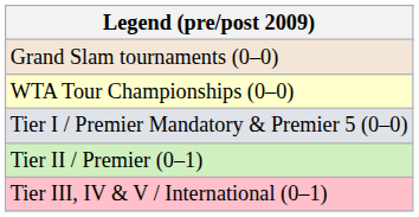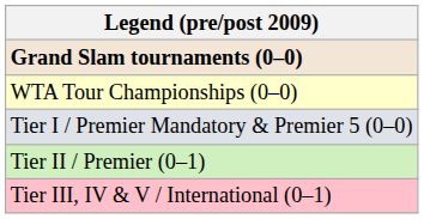 <table class="wikitable sortable mw-collapsible mw-collapsed">
 <tr>
 <th>Legend (pre/post 2009)</th>
 </tr>
 <tr>
-<td bgcolor=#f3e6d7>Grand Slam tournaments (0–0)</td>
+<td bgcolor=#f3e6d7><strong>Grand Slam tournaments (0–0)</strong></td>
 </tr>
 <tr>
 <td bgcolor=#ffffcc>WTA Tour Championships (0–0)</td>
 </tr>
 <tr>
 <td bgcolor=dfe2e9>Tier I / Premier Mandatory & Premier 5 (0–0)</td>
 </tr>
 <tr>
 <td bgcolor=d0f0c0>Tier II / Premier (0–1)</td>
 </tr>
 <tr>
 <td style="background: pink;">Tier III, IV & V / International (0–1)</td>
 </tr>
 </table>
